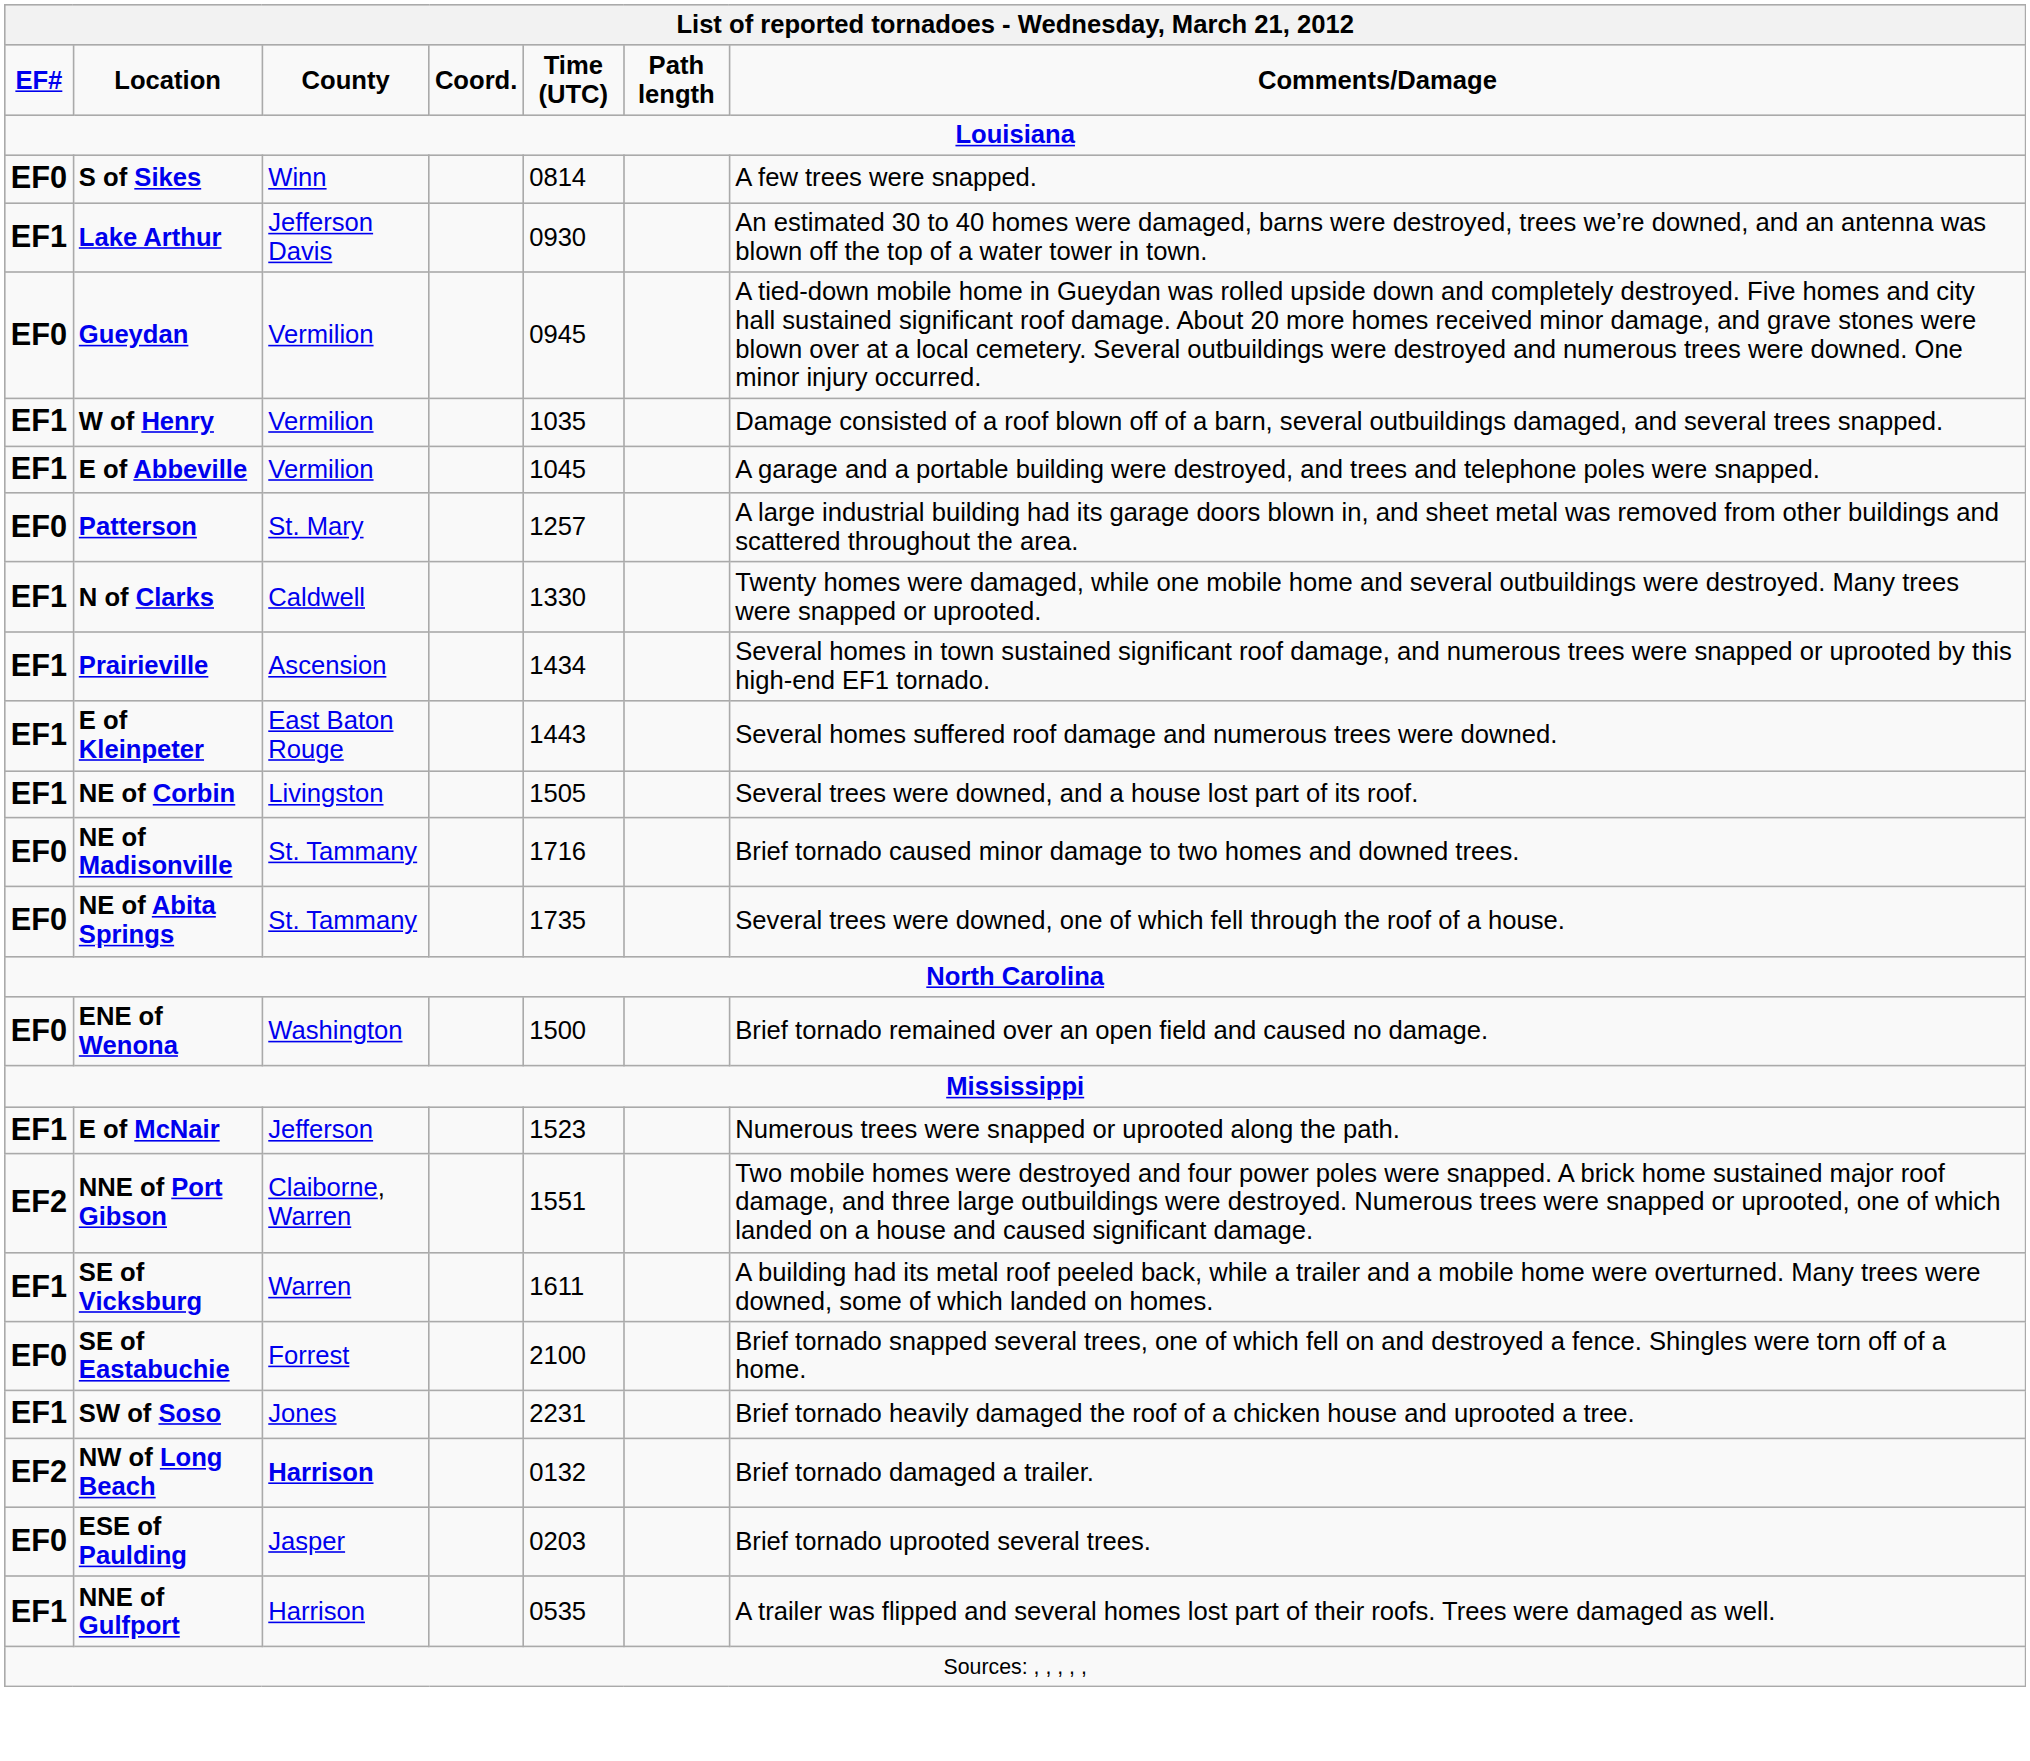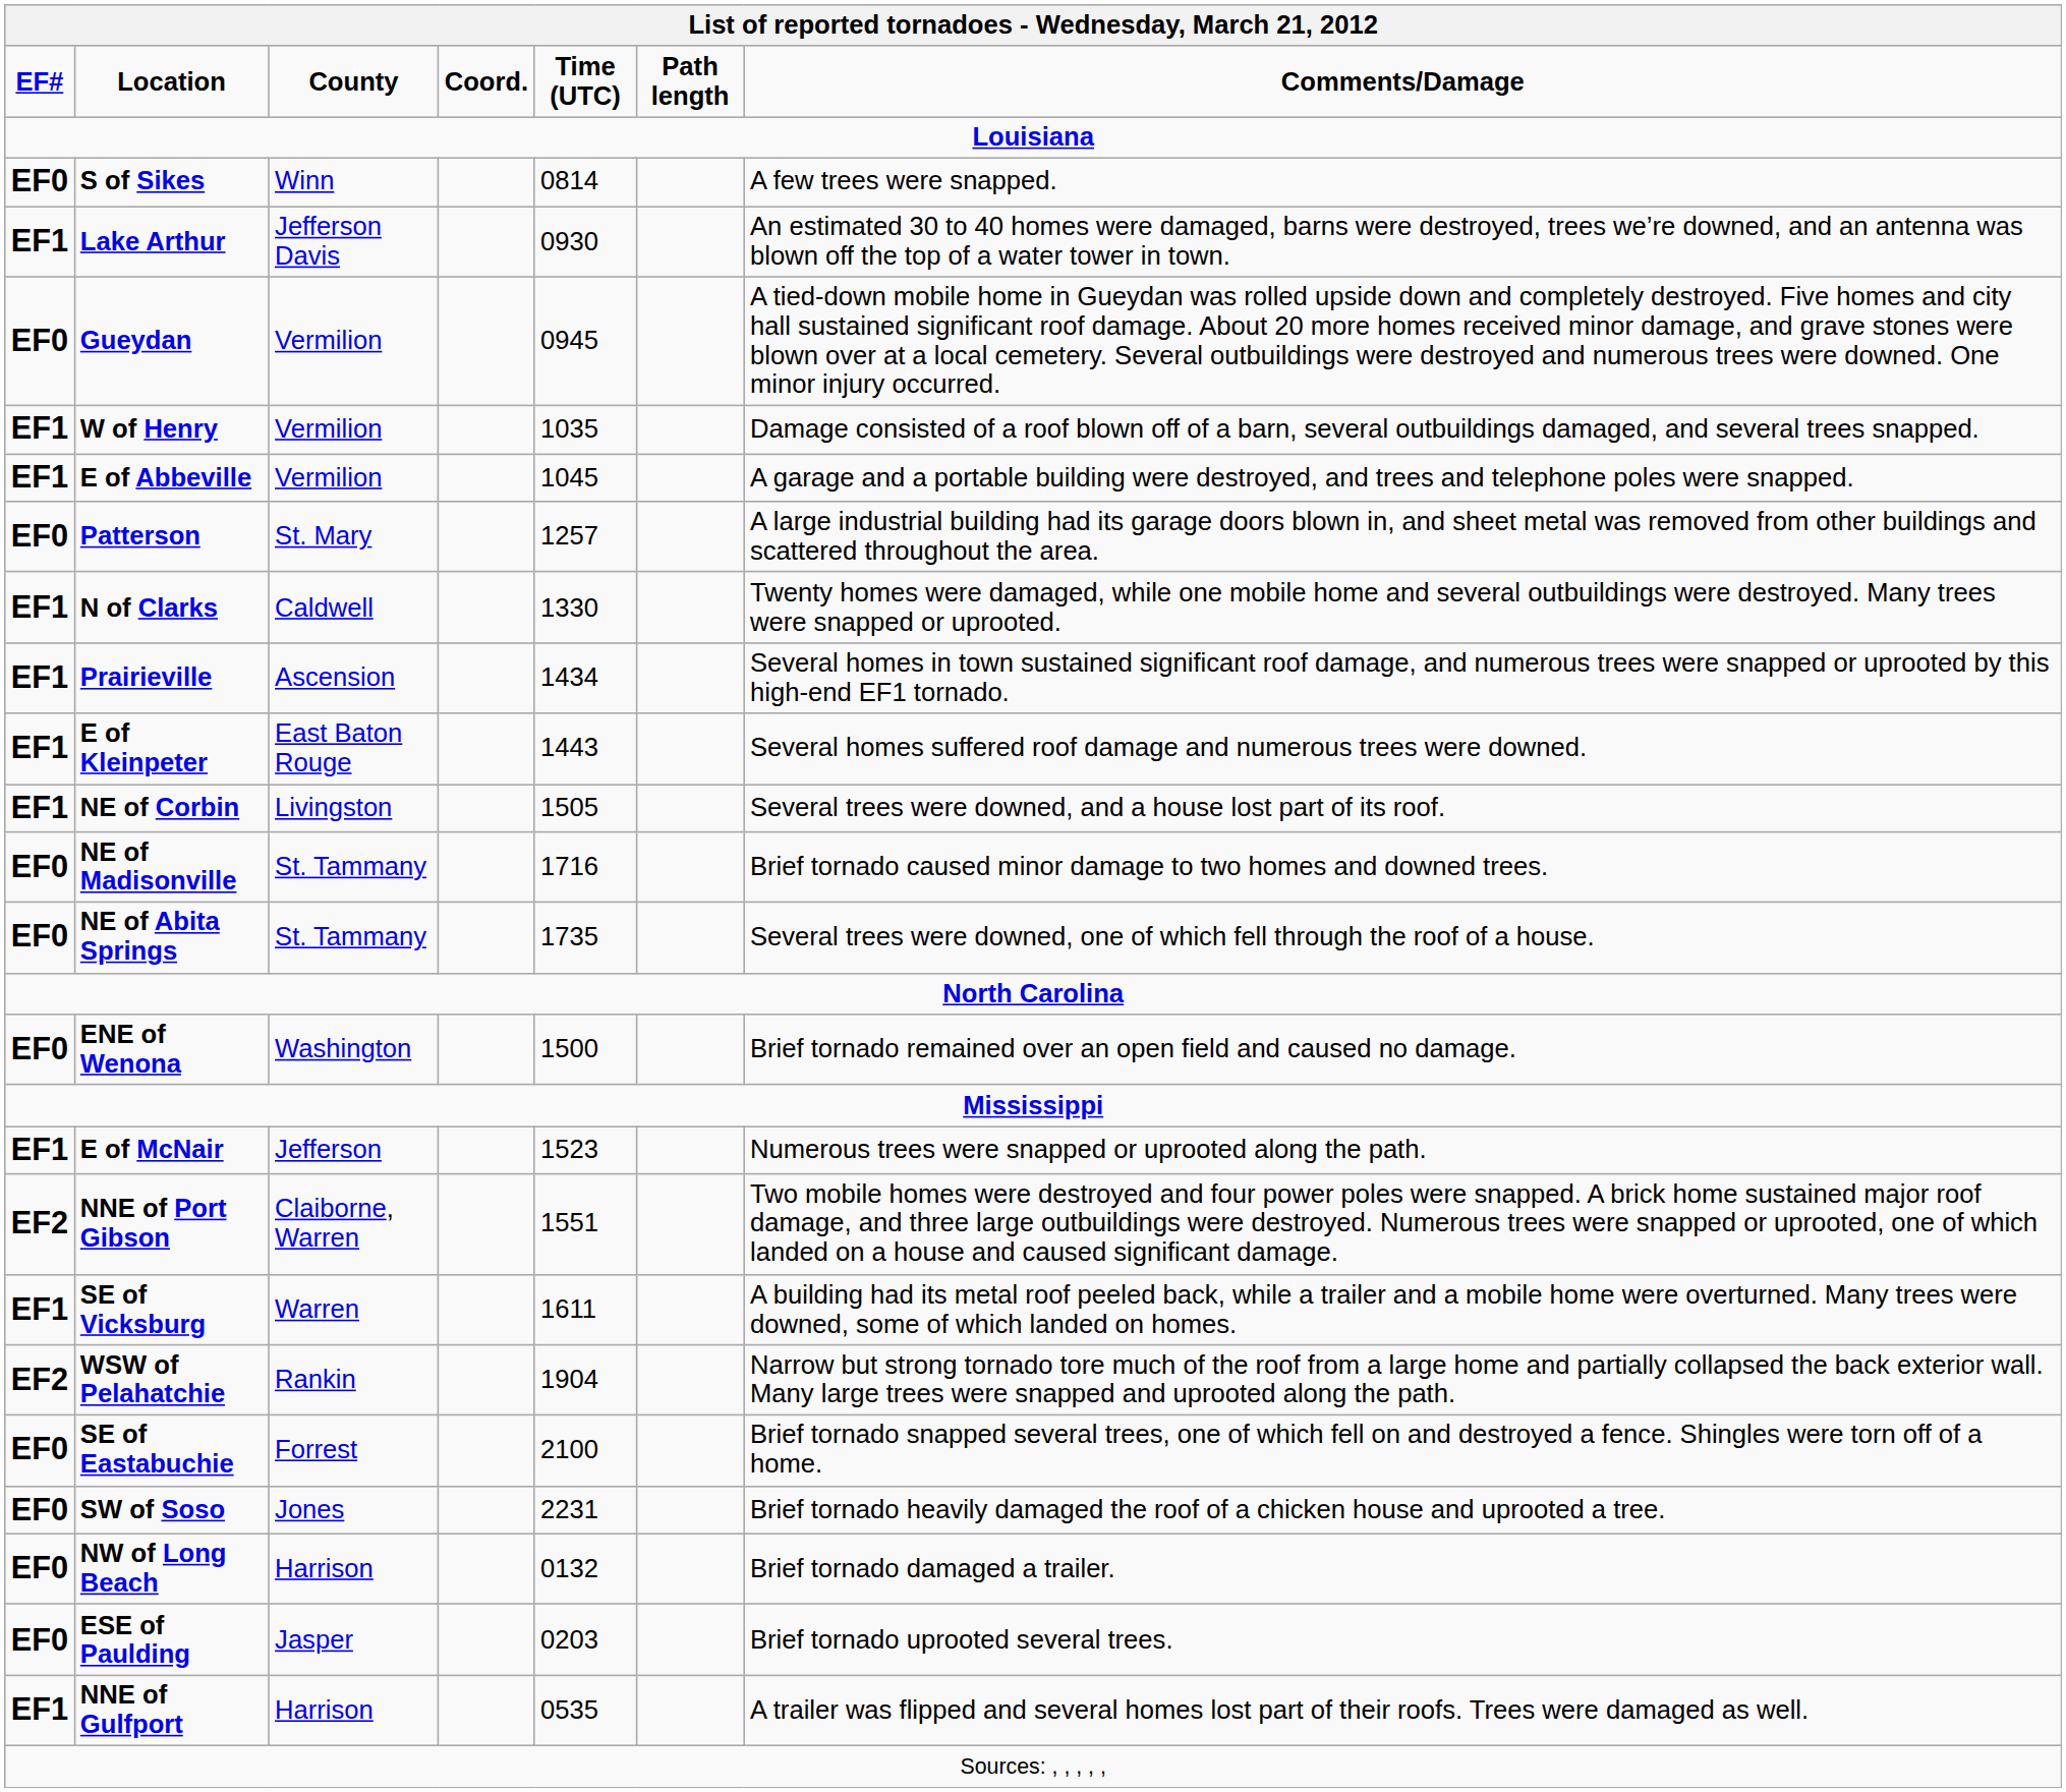 <table class="wikitable collapsible" width="100%">
 <tr>
 <th colspan="7">List of reported tornadoes - Wednesday, March 21, 2012</th>
 </tr>
 <tr style="text-align:center;">
 <td><strong><a href='#'>EF#</a></strong></td>
 <td><strong>Location</strong></td>
 <td><strong>County</strong></td>
 <td><strong>Coord.</strong></td>
 <td><strong>Time (UTC)</strong></td>
 <td><strong>Path length</strong></td>
 <td><strong>Comments/Damage</strong></td>
 </tr>
 <tr>
 <td colspan="7" align=center><strong><a href='#'>Louisiana</a></strong></td>
 </tr>
 <tr>
 <td><big><strong>EF0</strong></big></td>
 <td><strong>S of <a href='#'>Sikes</a></strong></td>
 <td><a href='#'>Winn</a></td>
 <td></td>
 <td>0814</td>
 <td></td>
 <td>A few trees were snapped.</td>
 </tr>
 <tr>
 <td><big><strong>EF1</strong></big></td>
 <td><strong><a href='#'>Lake Arthur</a></strong></td>
 <td><a href='#'>Jefferson Davis</a></td>
 <td></td>
 <td>0930</td>
 <td></td>
 <td>An estimated 30 to 40 homes were damaged, barns were destroyed, trees we’re downed, and an antenna was blown off the top of a water tower in town.</td>
 </tr>
 <tr>
 <td><big><strong>EF0</strong></big></td>
 <td><strong><a href='#'>Gueydan</a></strong></td>
 <td><a href='#'>Vermilion</a></td>
 <td></td>
 <td>0945</td>
 <td></td>
 <td>A tied-down mobile home in Gueydan was rolled upside down and completely destroyed. Five homes and city hall sustained significant roof damage. About 20 more homes received minor damage, and grave stones were blown over at a local cemetery. Several outbuildings were destroyed and numerous trees were downed. One minor injury occurred.</td>
 </tr>
 <tr>
 <td><big><strong>EF1</strong></big></td>
 <td><strong>W of <a href='#'>Henry</a></strong></td>
 <td><a href='#'>Vermilion</a></td>
 <td></td>
 <td>1035</td>
 <td></td>
 <td>Damage consisted of a roof blown off of a barn, several outbuildings damaged, and several trees snapped.</td>
 </tr>
 <tr>
 <td><big><strong>EF1</strong></big></td>
 <td><strong>E of <a href='#'>Abbeville</a></strong></td>
 <td><a href='#'>Vermilion</a></td>
 <td></td>
 <td>1045</td>
 <td></td>
 <td>A garage and a portable building were destroyed, and trees and telephone poles were snapped.</td>
 </tr>
 <tr>
 <td><big><strong>EF0</strong></big></td>
 <td><strong><a href='#'>Patterson</a></strong></td>
 <td><a href='#'>St. Mary</a></td>
 <td></td>
 <td>1257</td>
 <td></td>
 <td>A large industrial building had its garage doors blown in, and sheet metal was removed from other buildings and scattered throughout the area.</td>
 </tr>
 <tr>
 <td><big><strong>EF1</strong></big></td>
 <td><strong>N of <a href='#'>Clarks</a></strong></td>
 <td><a href='#'>Caldwell</a></td>
 <td></td>
 <td>1330</td>
 <td></td>
 <td>Twenty homes were damaged, while one mobile home and several outbuildings were destroyed. Many trees were snapped or uprooted.</td>
 </tr>
 <tr>
 <td><big><strong>EF1</strong></big></td>
 <td><strong><a href='#'>Prairieville</a></strong></td>
 <td><a href='#'>Ascension</a></td>
 <td></td>
 <td>1434</td>
 <td></td>
 <td>Several homes in town sustained significant roof damage, and numerous trees were snapped or uprooted by this high-end EF1 tornado.</td>
 </tr>
 <tr>
 <td><big><strong>EF1</strong></big></td>
 <td><strong>E of <a href='#'>Kleinpeter</a></strong></td>
 <td><a href='#'>East Baton Rouge</a></td>
 <td></td>
 <td>1443</td>
 <td></td>
 <td>Several homes suffered roof damage and numerous trees were downed.</td>
 </tr>
 <tr>
 <td><big><strong>EF1</strong></big></td>
 <td><strong>NE of <a href='#'>Corbin</a></strong></td>
 <td><a href='#'>Livingston</a></td>
 <td></td>
 <td>1505</td>
 <td></td>
 <td>Several trees were downed, and a house lost part of its roof.</td>
 </tr>
 <tr>
 <td><big><strong>EF0</strong></big></td>
 <td><strong>NE of <a href='#'>Madisonville</a></strong></td>
 <td><a href='#'>St. Tammany</a></td>
 <td></td>
 <td>1716</td>
 <td></td>
 <td>Brief tornado caused minor damage to two homes and downed trees.</td>
 </tr>
 <tr>
 <td><big><strong>EF0</strong></big></td>
 <td><strong>NE of <a href='#'>Abita Springs</a></strong></td>
 <td><a href='#'>St. Tammany</a></td>
 <td></td>
 <td>1735</td>
 <td></td>
 <td>Several trees were downed, one of which fell through the roof of a house.</td>
 </tr>
 <tr>
 <td colspan="7" align=center><strong><a href='#'>North Carolina</a></strong></td>
 </tr>
 <tr>
 <td><big><strong>EF0</strong></big></td>
 <td><strong>ENE of <a href='#'>Wenona</a></strong></td>
 <td><a href='#'>Washington</a></td>
 <td></td>
 <td>1500</td>
 <td></td>
 <td>Brief tornado remained over an open field and caused no damage.</td>
 </tr>
 <tr>
 <td colspan="7" align=center><strong><a href='#'>Mississippi</a></strong></td>
 </tr>
 <tr>
 <td><big><strong>EF1</strong></big></td>
 <td><strong>E of <a href='#'>McNair</a></strong></td>
 <td><a href='#'>Jefferson</a></td>
 <td></td>
 <td>1523</td>
 <td></td>
 <td>Numerous trees were snapped or uprooted along the path.</td>
 </tr>
 <tr>
 <td><big><strong>EF2</strong></big></td>
 <td><strong>NNE of <a href='#'>Port Gibson</a></strong></td>
 <td><a href='#'>Claiborne</a>, <a href='#'>Warren</a></td>
 <td></td>
 <td>1551</td>
 <td></td>
 <td>Two mobile homes were destroyed and four power poles were snapped. A brick home sustained major roof damage, and three large outbuildings were destroyed. Numerous trees were snapped or uprooted, one of which landed on a house and caused significant damage.</td>
 </tr>
 <tr>
 <td><big><strong>EF1</strong></big></td>
 <td><strong>SE of <a href='#'>Vicksburg</a></strong></td>
 <td><a href='#'>Warren</a></td>
 <td></td>
 <td>1611</td>
 <td></td>
 <td>A building had its metal roof peeled back, while a trailer and a mobile home were overturned. Many trees were downed, some of which landed on homes.</td>
 </tr>
 <tr>
+<td><big><strong>EF2</strong></big></td>
+<td><strong>WSW of <a href='#'>Pelahatchie</a></strong></td>
+<td><a href='#'>Rankin</a></td>
+<td></td>
+<td>1904</td>
+<td></td>
+<td>Narrow but strong tornado tore much of the roof from a large home and partially collapsed the back exterior wall. Many large trees were snapped and uprooted along the path.</td>
+</tr>
+<tr>
 <td><big><strong>EF0</strong></big></td>
 <td><strong>SE of <a href='#'>Eastabuchie</a></strong></td>
 <td><a href='#'>Forrest</a></td>
 <td></td>
 <td>2100</td>
 <td></td>
 <td>Brief tornado snapped several trees, one of which fell on and destroyed a fence. Shingles were torn off of a home.</td>
 </tr>
 <tr>
-<td><big><strong>EF1</strong></big></td>
+<td><big><strong>EF0</strong></big></td>
 <td><strong>SW of <a href='#'>Soso</a></strong></td>
 <td><a href='#'>Jones</a></td>
 <td></td>
 <td>2231</td>
 <td></td>
 <td>Brief tornado heavily damaged the roof of a chicken house and uprooted a tree.</td>
 </tr>
 <tr>
-<td><big><strong>EF2</strong></big></td>
+<td><big><strong>EF0</strong></big></td>
 <td><strong>NW of <a href='#'>Long Beach</a></strong></td>
-<td><strong><a href='#'>Harrison</a></strong></td>
+<td><a href='#'>Harrison</a></td>
 <td></td>
 <td>0132</td>
 <td></td>
 <td>Brief tornado damaged a trailer.</td>
 </tr>
 <tr>
 <td><big><strong>EF0</strong></big></td>
 <td><strong>ESE of <a href='#'>Paulding</a></strong></td>
 <td><a href='#'>Jasper</a></td>
 <td></td>
 <td>0203</td>
 <td></td>
 <td>Brief tornado uprooted several trees.</td>
 </tr>
 <tr>
 <td><big><strong>EF1</strong></big></td>
 <td><strong>NNE of <a href='#'>Gulfport</a></strong></td>
 <td><a href='#'>Harrison</a></td>
 <td></td>
 <td>0535</td>
 <td></td>
 <td>A trailer was flipped and several homes lost part of their roofs. Trees were damaged as well.</td>
 </tr>
 <tr>
 <td colspan="7" align=center><small>Sources: , , , , , </small></td>
 </tr>
 </table>
